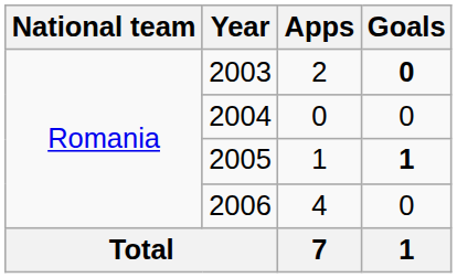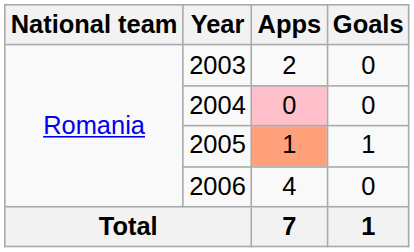 <table class="wikitable" style="text-align:center">
 <tr>
 <th>National team</th>
 <th>Year</th>
 <th>Apps</th>
 <th>Goals</th>
 </tr>
 <tr>
 <td rowspan="4"><a href='#'>Romania</a></td>
 <td>2003</td>
 <td>2</td>
-<td><strong>0</strong></td>
+<td>0</td>
 </tr>
 <tr>
 <td>2004</td>
-<td>0</td>
+<td style="background: pink;">0</td>
 <td>0</td>
 </tr>
 <tr>
 <td>2005</td>
+<td style="background: lightsalmon;">1</td>
 <td>1</td>
-<td><strong>1</strong></td>
 </tr>
 <tr>
 <td>2006</td>
 <td>4</td>
 <td>0</td>
 </tr>
 <tr>
 <th colspan="2">Total</th>
 <th>7</th>
 <th>1</th>
 </tr>
 </table>
